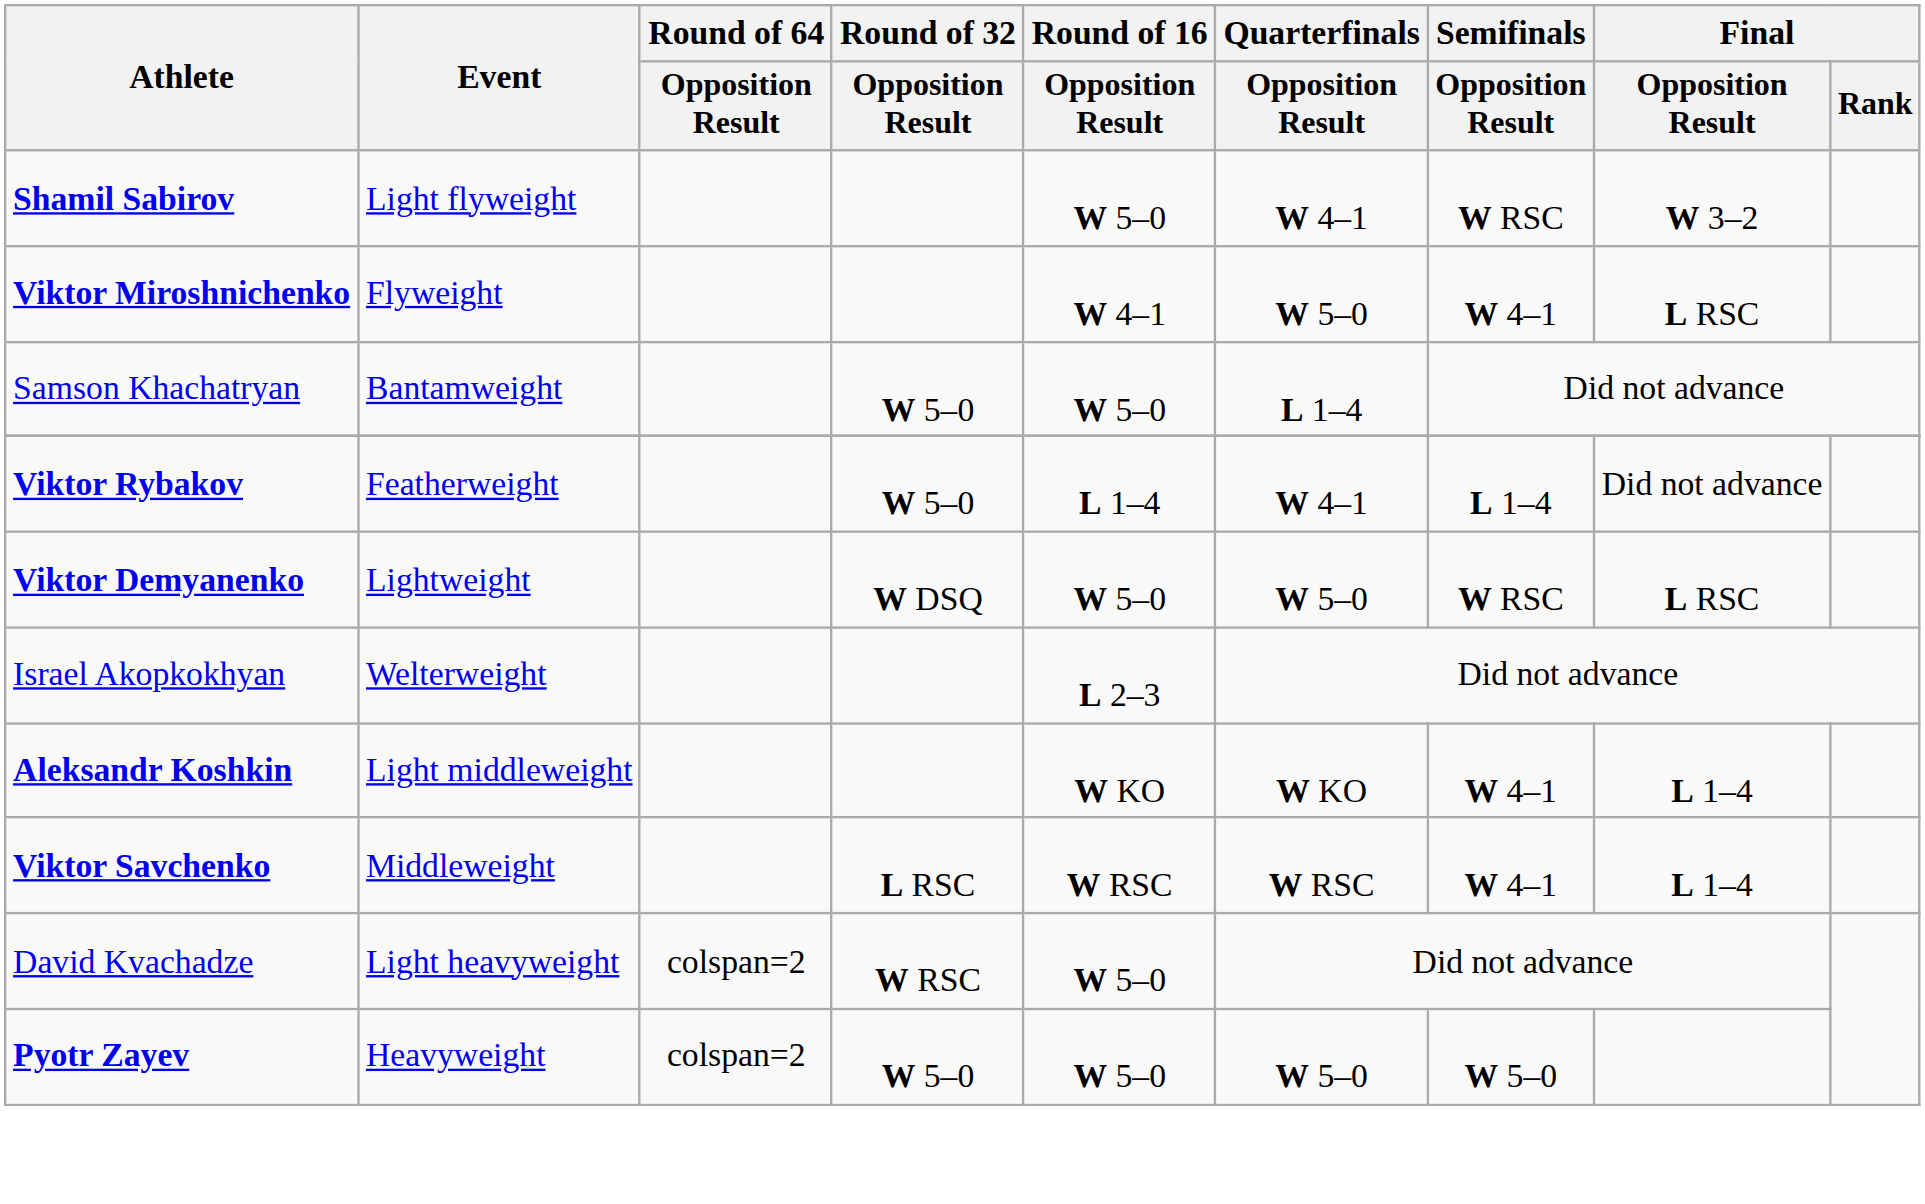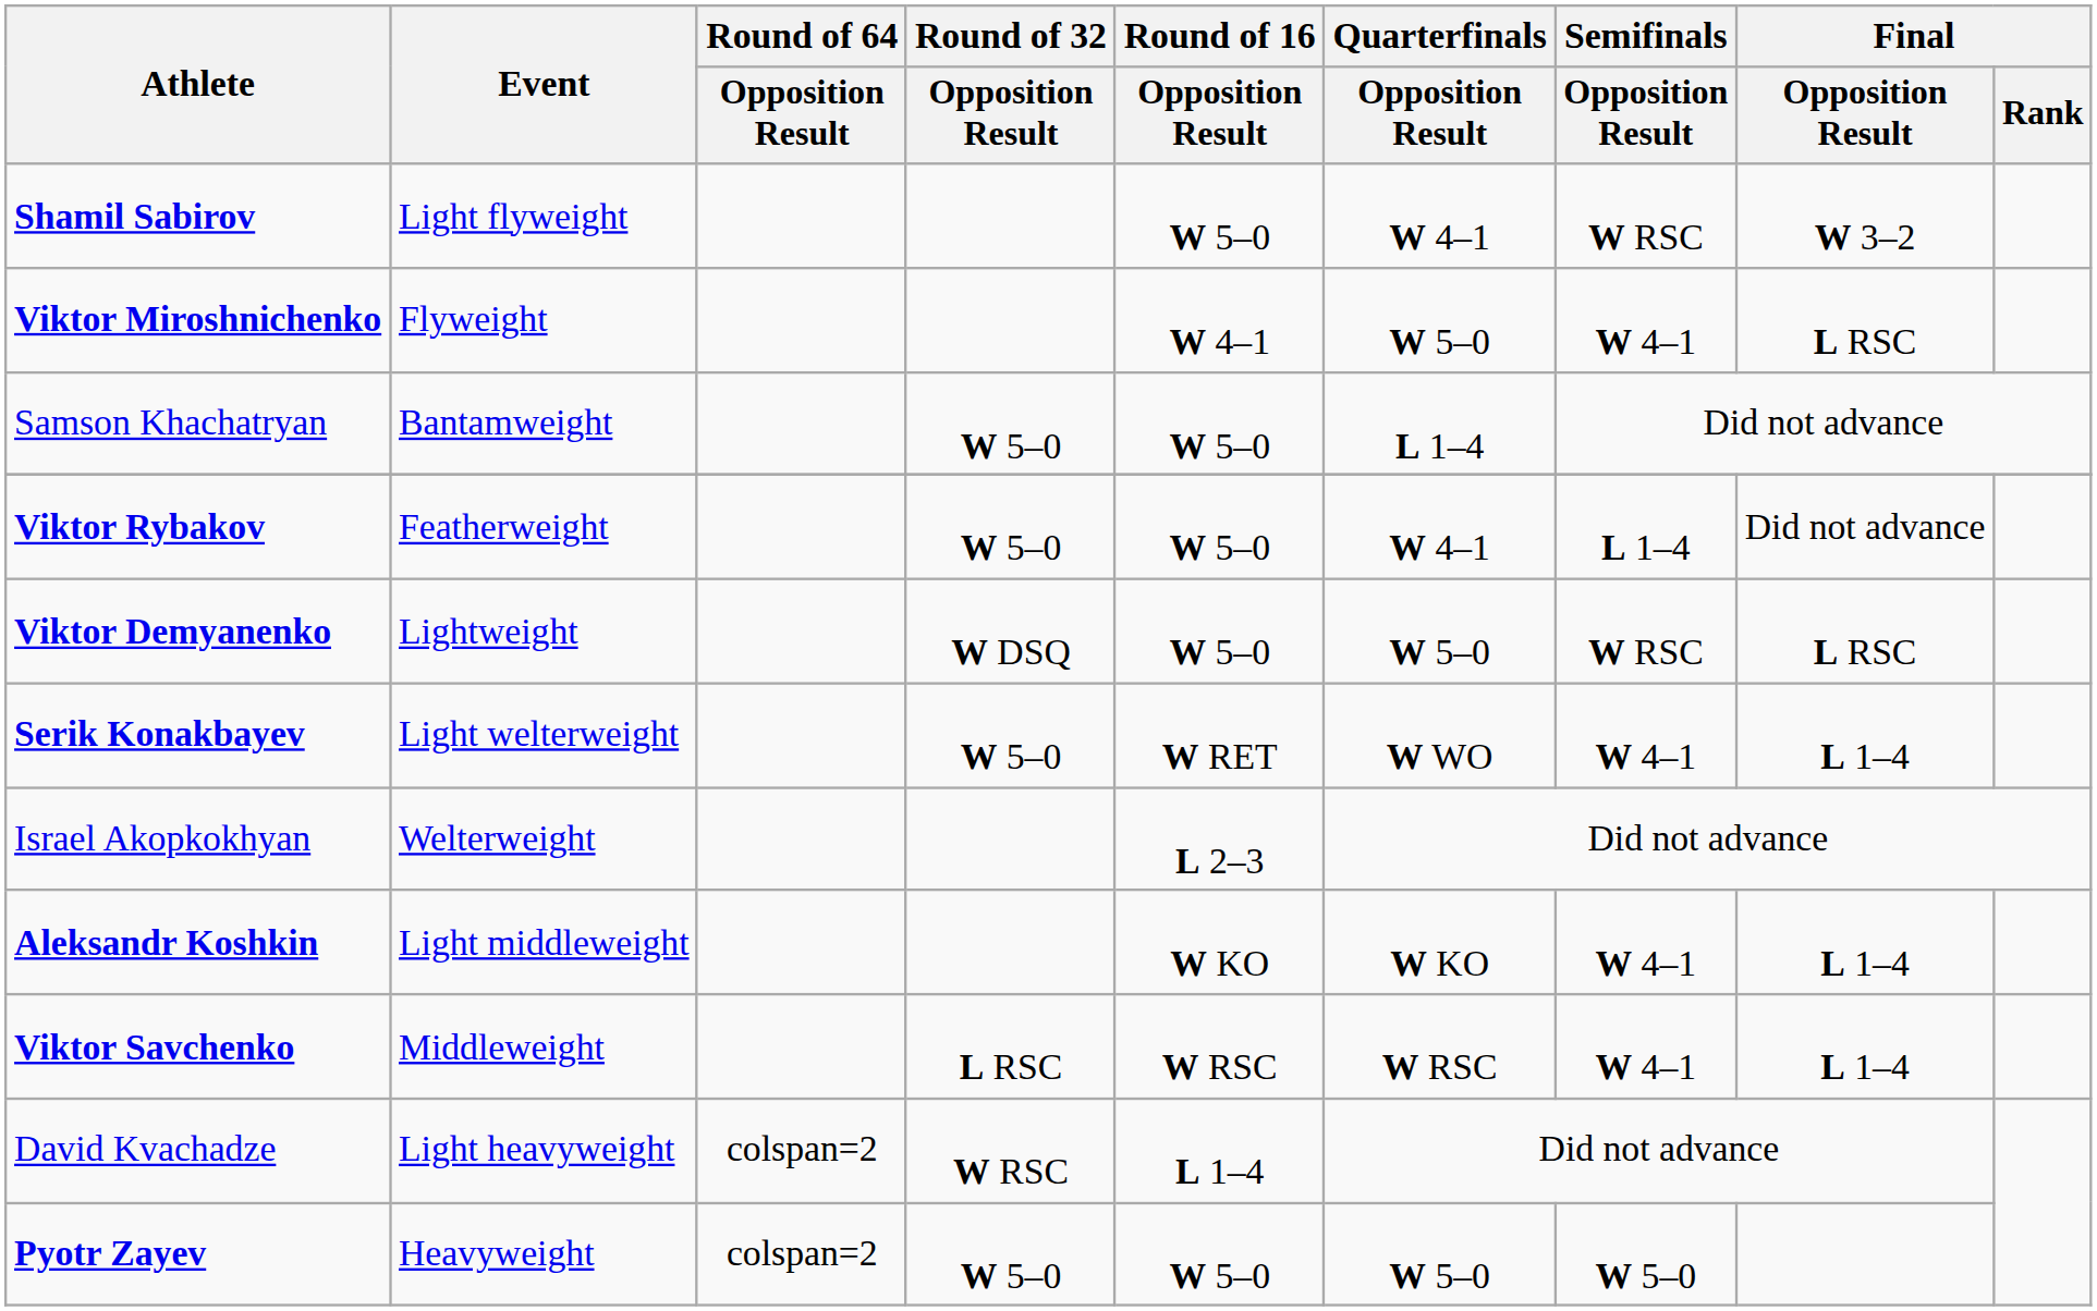 <table class="wikitable" style="font-size:90%">
 <tr>
 <th rowspan=2>Athlete</th>
 <th rowspan=2>Event</th>
 <th>Round of 64</th>
 <th>Round of 32</th>
 <th>Round of 16</th>
 <th>Quarterfinals</th>
 <th>Semifinals</th>
 <th colspan=2>Final</th>
 </tr>
 <tr style="font-size:95%">
 <th>Opposition<br>Result</th>
 <th>Opposition<br>Result</th>
 <th>Opposition<br>Result</th>
 <th>Opposition<br>Result</th>
 <th>Opposition<br>Result</th>
 <th>Opposition<br>Result</th>
 <th>Rank</th>
 </tr>
 <tr align=center>
 <td align=left><strong><a href='#'>Shamil Sabirov</a></strong></td>
 <td align=left><a href='#'>Light flyweight</a></td>
 <td></td>
 <td></td>
 <td><br><strong>W</strong> 5–0</td>
 <td><br><strong>W</strong> 4–1</td>
 <td><br><strong>W</strong> RSC</td>
 <td><br><strong>W</strong> 3–2</td>
 <td></td>
 </tr>
 <tr align=center>
 <td align=left><strong><a href='#'>Viktor Miroshnichenko</a></strong></td>
 <td align=left><a href='#'>Flyweight</a></td>
 <td></td>
 <td></td>
 <td><br><strong>W</strong> 4–1</td>
 <td><br><strong>W</strong> 5–0</td>
 <td><br><strong>W</strong> 4–1</td>
 <td><br><strong>L</strong> RSC</td>
 <td></td>
 </tr>
 <tr align=center>
 <td align=left><a href='#'>Samson Khachatryan</a></td>
 <td align=left><a href='#'>Bantamweight</a></td>
 <td></td>
 <td><br><strong>W</strong> 5–0</td>
 <td><br><strong>W</strong> 5–0</td>
 <td><br><strong>L</strong> 1–4</td>
 <td colspan=3>Did not advance</td>
 </tr>
 <tr>
 </tr>
 <tr align=center>
 <td align=left><strong><a href='#'>Viktor Rybakov</a></strong></td>
 <td align=left><a href='#'>Featherweight</a></td>
 <td></td>
 <td><br><strong>W</strong> 5–0</td>
-<td><br><strong>L</strong> 1–4</td>
+<td><br><strong>W</strong> 5–0</td>
 <td><br><strong>W</strong> 4–1</td>
 <td><br><strong>L</strong> 1–4</td>
 <td>Did not advance</td>
 <td></td>
 </tr>
 <tr align=center>
 <td align=left><strong><a href='#'>Viktor Demyanenko</a></strong></td>
 <td align=left><a href='#'>Lightweight</a></td>
 <td></td>
 <td><br><strong>W</strong> DSQ</td>
 <td><br><strong>W</strong> 5–0</td>
 <td><br><strong>W</strong> 5–0</td>
 <td><br><strong>W</strong> RSC</td>
 <td><br><strong>L</strong> RSC</td>
+<td></td>
+</tr>
+<tr align=center>
+<td align=left><strong><a href='#'>Serik Konakbayev</a></strong></td>
+<td align=left><a href='#'>Light welterweight</a></td>
+<td></td>
+<td><br><strong>W</strong> 5–0</td>
+<td><br><strong>W</strong> RET</td>
+<td><br><strong>W</strong> WO</td>
+<td><br><strong>W</strong> 4–1</td>
+<td><br><strong>L</strong> 1–4</td>
 <td></td>
 </tr>
 <tr align=center>
 <td align=left><a href='#'>Israel Akopkokhyan</a></td>
 <td align=left><a href='#'>Welterweight</a></td>
 <td></td>
 <td></td>
 <td><br><strong>L</strong> 2–3</td>
 <td colspan=4>Did not advance</td>
 </tr>
 <tr align=center>
 <td align=left><strong><a href='#'>Aleksandr Koshkin</a></strong></td>
 <td align=left><a href='#'>Light middleweight</a></td>
 <td></td>
 <td></td>
 <td><br><strong>W</strong> KO</td>
 <td><br><strong>W</strong> KO</td>
 <td><br><strong>W</strong> 4–1</td>
 <td><br><strong>L</strong> 1–4</td>
 <td></td>
 </tr>
 <tr align=center>
 <td align=left><strong><a href='#'>Viktor Savchenko</a></strong></td>
 <td align=left><a href='#'>Middleweight</a></td>
 <td></td>
 <td><br><strong>L</strong> RSC</td>
 <td><br><strong>W</strong> RSC</td>
 <td><br><strong>W</strong> RSC</td>
 <td><br><strong>W</strong> 4–1</td>
 <td><br><strong>L</strong> 1–4</td>
 <td></td>
 </tr>
 <tr align=center>
 <td align=left><a href='#'>David Kvachadze</a></td>
 <td align=left><a href='#'>Light heavyweight</a></td>
 <td>colspan=2 </td>
 <td><br><strong>W</strong> RSC</td>
-<td><br><strong>W</strong> 5–0</td>
+<td><br><strong>L</strong> 1–4</td>
 <td colspan=3>Did not advance</td>
 </tr>
 <tr align=center>
 <td align=left><strong><a href='#'>Pyotr Zayev</a></strong></td>
 <td align=left><a href='#'>Heavyweight</a></td>
 <td>colspan=2 </td>
 <td><br><strong>W</strong> 5–0</td>
 <td><br><strong>W</strong> 5–0</td>
 <td><br><strong>W</strong> 5–0</td>
 <td><br><strong>W</strong> 5–0</td>
 <td></td>
 </tr>
 </table>
